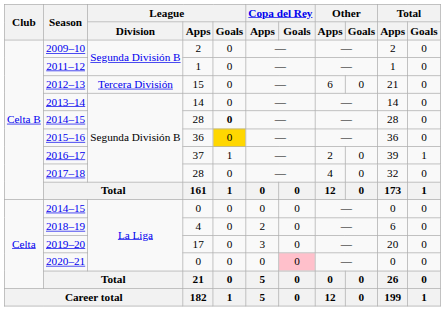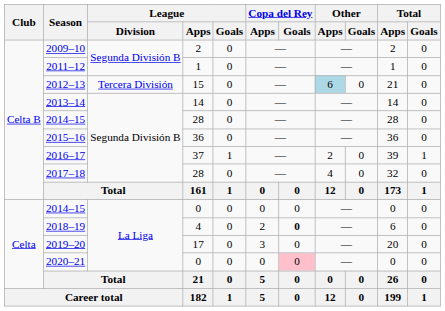 <table class="wikitable" style="text-align:center">
 <tr>
 <th rowspan="2">Club</th>
 <th rowspan="2">Season</th>
 <th colspan="3">League</th>
 <th colspan="2"><a href='#'>Copa del Rey</a></th>
 <th colspan="2">Other</th>
 <th colspan="2">Total</th>
 </tr>
 <tr>
 <th>Division</th>
 <th>Apps</th>
 <th>Goals</th>
 <th>Apps</th>
 <th>Goals</th>
 <th>Apps</th>
 <th>Goals</th>
 <th>Apps</th>
 <th>Goals</th>
 </tr>
 <tr>
 <td rowspan="9"><a href='#'>Celta B</a></td>
 <td><a href='#'>2009–10</a></td>
 <td rowspan="2"><a href='#'>Segunda División B</a></td>
 <td>2</td>
 <td>0</td>
 <td colspan="2">—</td>
 <td colspan="2">—</td>
 <td>2</td>
 <td>0</td>
 </tr>
 <tr>
 <td><a href='#'>2011–12</a></td>
 <td>1</td>
 <td>0</td>
 <td colspan="2">—</td>
 <td colspan="2">—</td>
 <td>1</td>
 <td>0</td>
 </tr>
 <tr>
 <td><a href='#'>2012–13</a></td>
 <td><a href='#'>Tercera División</a></td>
 <td>15</td>
 <td>0</td>
 <td colspan="2">—</td>
-<td>6</td>
+<td style="background: lightblue;">6</td>
 <td>0</td>
 <td>21</td>
 <td>0</td>
 </tr>
 <tr>
 <td><a href='#'>2013–14</a></td>
 <td rowspan="5">Segunda División B</td>
 <td>14</td>
 <td>0</td>
 <td colspan="2">—</td>
 <td colspan="2">—</td>
 <td>14</td>
 <td>0</td>
 </tr>
 <tr>
 <td><a href='#'>2014–15</a></td>
 <td>28</td>
-<td><strong>0</strong></td>
+<td>0</td>
 <td colspan="2">—</td>
 <td colspan="2">—</td>
 <td>28</td>
 <td>0</td>
 </tr>
 <tr>
 <td><a href='#'>2015–16</a></td>
 <td>36</td>
-<td style="background: gold;">0</td>
+<td>0</td>
 <td colspan="2">—</td>
 <td colspan="2">—</td>
 <td>36</td>
 <td>0</td>
 </tr>
 <tr>
 <td><a href='#'>2016–17</a></td>
 <td>37</td>
 <td>1</td>
 <td colspan="2">—</td>
 <td>2</td>
 <td>0</td>
 <td>39</td>
 <td>1</td>
 </tr>
 <tr>
 <td><a href='#'>2017–18</a></td>
 <td>28</td>
 <td>0</td>
 <td colspan="2">—</td>
 <td>4</td>
 <td>0</td>
 <td>32</td>
 <td>0</td>
 </tr>
 <tr>
 <th colspan="2">Total</th>
 <th>161</th>
 <th>1</th>
 <th>0</th>
 <th>0</th>
 <th>12</th>
 <th>0</th>
 <th>173</th>
 <th>1</th>
 </tr>
 <tr>
 <td rowspan="5"><a href='#'>Celta</a></td>
 <td><a href='#'>2014–15</a></td>
 <td rowspan="4"><a href='#'>La Liga</a></td>
 <td>0</td>
 <td>0</td>
 <td>0</td>
 <td>0</td>
 <td colspan="2">—</td>
 <td>0</td>
 <td>0</td>
 </tr>
 <tr>
 <td><a href='#'>2018–19</a></td>
 <td>4</td>
 <td>0</td>
 <td>2</td>
-<td>0</td>
+<td><strong>0</strong></td>
 <td colspan="2">—</td>
 <td>6</td>
 <td>0</td>
 </tr>
 <tr>
 <td><a href='#'>2019–20</a></td>
 <td>17</td>
 <td>0</td>
 <td>3</td>
 <td>0</td>
 <td colspan="2">—</td>
 <td>20</td>
 <td>0</td>
 </tr>
 <tr>
 <td><a href='#'>2020–21</a></td>
 <td>0</td>
 <td>0</td>
 <td>0</td>
 <td style="background: pink;">0</td>
 <td colspan="2">—</td>
 <td>0</td>
 <td>0</td>
 </tr>
 <tr>
 <th colspan="2">Total</th>
 <th>21</th>
 <th>0</th>
 <th>5</th>
 <th>0</th>
 <th>0</th>
 <th>0</th>
 <th>26</th>
 <th>0</th>
 </tr>
 <tr>
 <th colspan="3">Career total</th>
 <th>182</th>
 <th>1</th>
 <th>5</th>
 <th>0</th>
 <th>12</th>
 <th>0</th>
 <th>199</th>
 <th>1</th>
 </tr>
 </table>
